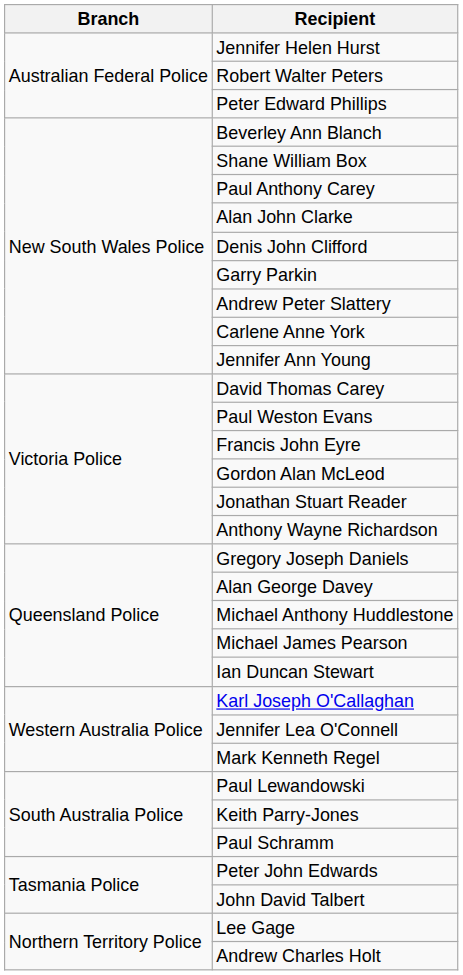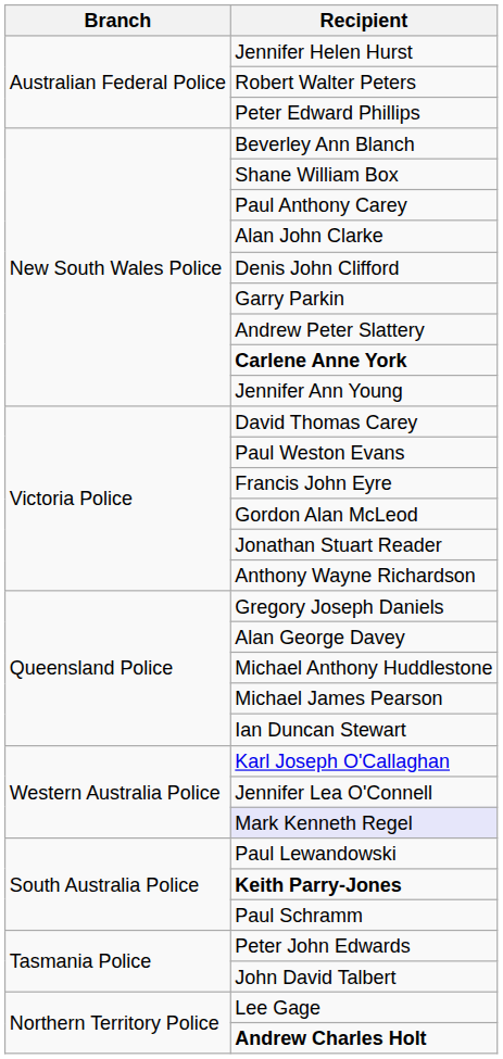 <table class="wikitable" style="font-size:95%;">
 <tr>
 <th>Branch</th>
 <th>Recipient</th>
 </tr>
 <tr>
 <td rowspan="3">Australian Federal Police</td>
 <td> Jennifer Helen Hurst</td>
 </tr>
 <tr>
 <td> Robert Walter Peters</td>
 </tr>
 <tr>
 <td> Peter Edward Phillips</td>
 </tr>
 <tr>
 <td rowspan="9">New South Wales Police</td>
 <td> Beverley Ann Blanch</td>
 </tr>
 <tr>
 <td> Shane William Box</td>
 </tr>
 <tr>
 <td> Paul Anthony Carey</td>
 </tr>
 <tr>
 <td> Alan John Clarke</td>
 </tr>
 <tr>
 <td> Denis John Clifford</td>
 </tr>
 <tr>
 <td> Garry Parkin</td>
 </tr>
 <tr>
 <td> Andrew Peter Slattery</td>
 </tr>
 <tr>
-<td> Carlene Anne York</td>
+<td><strong> Carlene Anne York</strong></td>
 </tr>
 <tr>
 <td> Jennifer Ann Young</td>
 </tr>
 <tr>
 <td rowspan="6">Victoria Police</td>
 <td> David Thomas Carey</td>
 </tr>
 <tr>
 <td> Paul Weston Evans</td>
 </tr>
 <tr>
 <td> Francis John Eyre</td>
 </tr>
 <tr>
 <td> Gordon Alan McLeod</td>
 </tr>
 <tr>
 <td> Jonathan Stuart Reader</td>
 </tr>
 <tr>
 <td> Anthony Wayne Richardson</td>
 </tr>
 <tr>
 <td rowspan="5">Queensland Police</td>
 <td> Gregory Joseph Daniels</td>
 </tr>
 <tr>
 <td> Alan George Davey</td>
 </tr>
 <tr>
 <td>Michael Anthony Huddlestone</td>
 </tr>
 <tr>
 <td> Michael James Pearson</td>
 </tr>
 <tr>
 <td> Ian Duncan Stewart</td>
 </tr>
 <tr>
 <td rowspan="3">Western Australia Police</td>
 <td> <a href='#'>Karl Joseph O'Callaghan</a></td>
 </tr>
 <tr>
 <td> Jennifer Lea O'Connell</td>
 </tr>
 <tr>
-<td> Mark Kenneth Regel</td>
+<td style="background: lavender;"> Mark Kenneth Regel</td>
 </tr>
 <tr>
 <td rowspan="3">South Australia Police</td>
 <td> Paul Lewandowski</td>
 </tr>
 <tr>
-<td> Keith Parry-Jones</td>
+<td><strong> Keith Parry-Jones</strong></td>
 </tr>
 <tr>
 <td> Paul Schramm</td>
 </tr>
 <tr>
 <td rowspan="2">Tasmania Police</td>
 <td> Peter John Edwards</td>
 </tr>
 <tr>
 <td> John David Talbert</td>
 </tr>
 <tr>
 <td rowspan="2">Northern Territory Police</td>
 <td> Lee Gage</td>
 </tr>
 <tr>
-<td> Andrew Charles Holt</td>
+<td><strong> Andrew Charles Holt</strong></td>
 </tr>
 </table>
